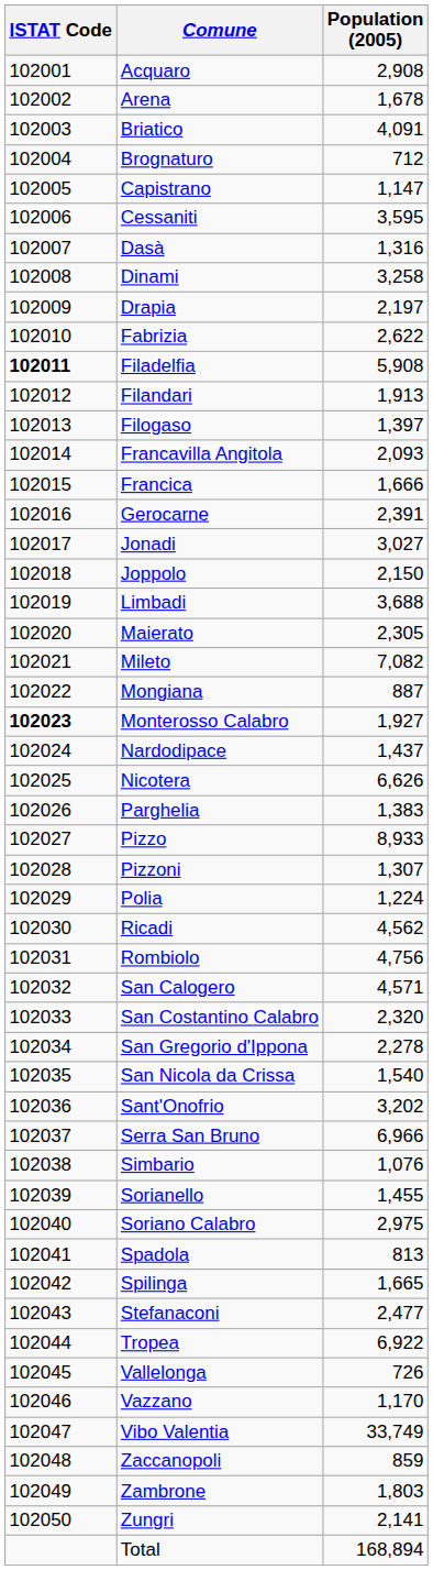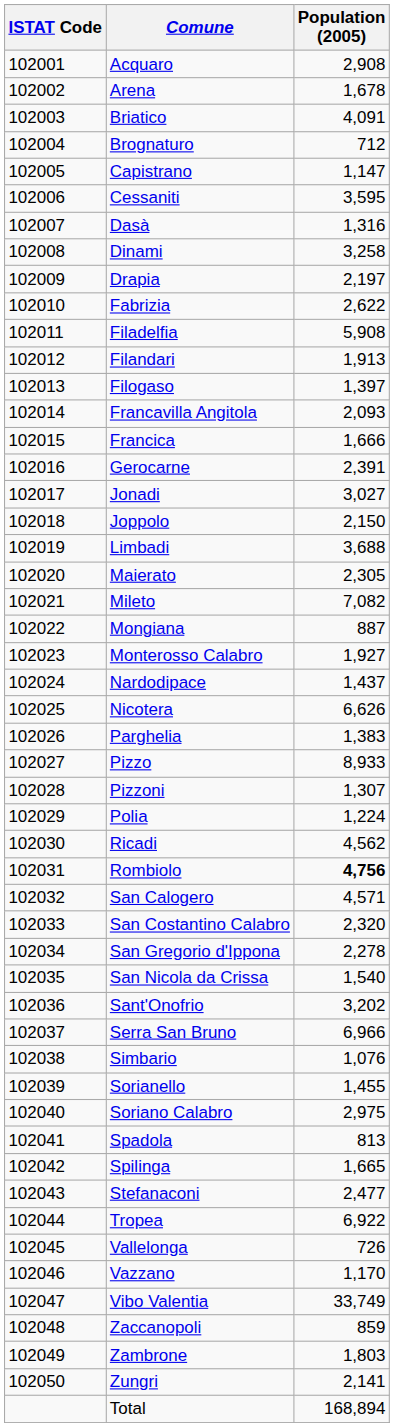 <table class="wikitable sortable">
 <tr>
 <th><a href='#'>ISTAT</a> Code</th>
 <th><em><a href='#'>Comune</a></em></th>
 <th>Population <br>(2005)</th>
 </tr>
 <tr>
 <td>102001</td>
 <td><a href='#'>Acquaro</a></td>
 <td align="right">2,908</td>
 </tr>
 <tr>
 <td>102002</td>
 <td><a href='#'>Arena</a></td>
 <td align="right">1,678</td>
 </tr>
 <tr>
 <td>102003</td>
 <td><a href='#'>Briatico</a></td>
 <td align="right">4,091</td>
 </tr>
 <tr>
 <td>102004</td>
 <td><a href='#'>Brognaturo</a></td>
 <td align="right">712</td>
 </tr>
 <tr>
 <td>102005</td>
 <td><a href='#'>Capistrano</a></td>
 <td align="right">1,147</td>
 </tr>
 <tr>
 <td>102006</td>
 <td><a href='#'>Cessaniti</a></td>
 <td align="right">3,595</td>
 </tr>
 <tr>
 <td>102007</td>
 <td><a href='#'>Dasà</a></td>
 <td align="right">1,316</td>
 </tr>
 <tr>
 <td>102008</td>
 <td><a href='#'>Dinami</a></td>
 <td align="right">3,258</td>
 </tr>
 <tr>
 <td>102009</td>
 <td><a href='#'>Drapia</a></td>
 <td align="right">2,197</td>
 </tr>
 <tr>
 <td>102010</td>
 <td><a href='#'>Fabrizia</a></td>
 <td align="right">2,622</td>
 </tr>
 <tr>
-<td><strong>102011</strong></td>
+<td>102011</td>
 <td><a href='#'>Filadelfia</a></td>
 <td align="right">5,908</td>
 </tr>
 <tr>
 <td>102012</td>
 <td><a href='#'>Filandari</a></td>
 <td align="right">1,913</td>
 </tr>
 <tr>
 <td>102013</td>
 <td><a href='#'>Filogaso</a></td>
 <td align="right">1,397</td>
 </tr>
 <tr>
 <td>102014</td>
 <td><a href='#'>Francavilla Angitola</a></td>
 <td align="right">2,093</td>
 </tr>
 <tr>
 <td>102015</td>
 <td><a href='#'>Francica</a></td>
 <td align="right">1,666</td>
 </tr>
 <tr>
 <td>102016</td>
 <td><a href='#'>Gerocarne</a></td>
 <td align="right">2,391</td>
 </tr>
 <tr>
 <td>102017</td>
 <td><a href='#'>Jonadi</a></td>
 <td align="right">3,027</td>
 </tr>
 <tr>
 <td>102018</td>
 <td><a href='#'>Joppolo</a></td>
 <td align="right">2,150</td>
 </tr>
 <tr>
 <td>102019</td>
 <td><a href='#'>Limbadi</a></td>
 <td align="right">3,688</td>
 </tr>
 <tr>
 <td>102020</td>
 <td><a href='#'>Maierato</a></td>
 <td align="right">2,305</td>
 </tr>
 <tr>
 <td>102021</td>
 <td><a href='#'>Mileto</a></td>
 <td align="right">7,082</td>
 </tr>
 <tr>
 <td>102022</td>
 <td><a href='#'>Mongiana</a></td>
 <td align="right">887</td>
 </tr>
 <tr>
-<td><strong>102023</strong></td>
+<td>102023</td>
 <td><a href='#'>Monterosso Calabro</a></td>
 <td align="right">1,927</td>
 </tr>
 <tr>
 <td>102024</td>
 <td><a href='#'>Nardodipace</a></td>
 <td align="right">1,437</td>
 </tr>
 <tr>
 <td>102025</td>
 <td><a href='#'>Nicotera</a></td>
 <td align="right">6,626</td>
 </tr>
 <tr>
 <td>102026</td>
 <td><a href='#'>Parghelia</a></td>
 <td align="right">1,383</td>
 </tr>
 <tr>
 <td>102027</td>
 <td><a href='#'>Pizzo</a></td>
 <td align="right">8,933</td>
 </tr>
 <tr>
 <td>102028</td>
 <td><a href='#'>Pizzoni</a></td>
 <td align="right">1,307</td>
 </tr>
 <tr>
 <td>102029</td>
 <td><a href='#'>Polia</a></td>
 <td align="right">1,224</td>
 </tr>
 <tr>
 <td>102030</td>
 <td><a href='#'>Ricadi</a></td>
 <td align="right">4,562</td>
 </tr>
 <tr>
 <td>102031</td>
 <td><a href='#'>Rombiolo</a></td>
-<td align="right">4,756</td>
+<td align="right"><strong>4,756</strong></td>
 </tr>
 <tr>
 <td>102032</td>
 <td><a href='#'>San Calogero</a></td>
 <td align="right">4,571</td>
 </tr>
 <tr>
 <td>102033</td>
 <td><a href='#'>San Costantino Calabro</a></td>
 <td align="right">2,320</td>
 </tr>
 <tr>
 <td>102034</td>
 <td><a href='#'>San Gregorio d'Ippona</a></td>
 <td align="right">2,278</td>
 </tr>
 <tr>
 <td>102035</td>
 <td><a href='#'>San Nicola da Crissa</a></td>
 <td align="right">1,540</td>
 </tr>
 <tr>
 <td>102036</td>
 <td><a href='#'>Sant'Onofrio</a></td>
 <td align="right">3,202</td>
 </tr>
 <tr>
 <td>102037</td>
 <td><a href='#'>Serra San Bruno</a></td>
 <td align="right">6,966</td>
 </tr>
 <tr>
 <td>102038</td>
 <td><a href='#'>Simbario</a></td>
 <td align="right">1,076</td>
 </tr>
 <tr>
 <td>102039</td>
 <td><a href='#'>Sorianello</a></td>
 <td align="right">1,455</td>
 </tr>
 <tr>
 <td>102040</td>
 <td><a href='#'>Soriano Calabro</a></td>
 <td align="right">2,975</td>
 </tr>
 <tr>
 <td>102041</td>
 <td><a href='#'>Spadola</a></td>
 <td align="right">813</td>
 </tr>
 <tr>
 <td>102042</td>
 <td><a href='#'>Spilinga</a></td>
 <td align="right">1,665</td>
 </tr>
 <tr>
 <td>102043</td>
 <td><a href='#'>Stefanaconi</a></td>
 <td align="right">2,477</td>
 </tr>
 <tr>
 <td>102044</td>
 <td><a href='#'>Tropea</a></td>
 <td align="right">6,922</td>
 </tr>
 <tr>
 <td>102045</td>
 <td><a href='#'>Vallelonga</a></td>
 <td align="right">726</td>
 </tr>
 <tr>
 <td>102046</td>
 <td><a href='#'>Vazzano</a></td>
 <td align="right">1,170</td>
 </tr>
 <tr>
 <td>102047</td>
 <td><a href='#'>Vibo Valentia</a></td>
 <td align="right">33,749</td>
 </tr>
 <tr>
 <td>102048</td>
 <td><a href='#'>Zaccanopoli</a></td>
 <td align="right">859</td>
 </tr>
 <tr>
 <td>102049</td>
 <td><a href='#'>Zambrone</a></td>
 <td align="right">1,803</td>
 </tr>
 <tr>
 <td>102050</td>
 <td><a href='#'>Zungri</a></td>
 <td align="right">2,141</td>
 </tr>
 <tr>
 <td></td>
 <td>Total</td>
 <td align="right">168,894</td>
 </tr>
 <tr>
 </tr>
 </table>
